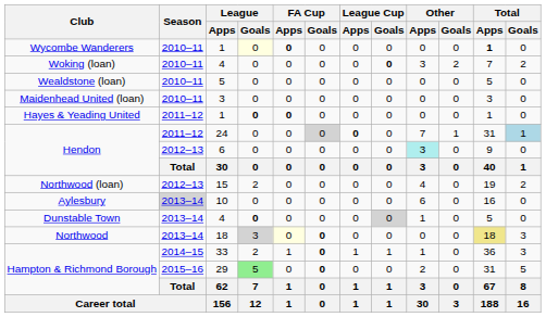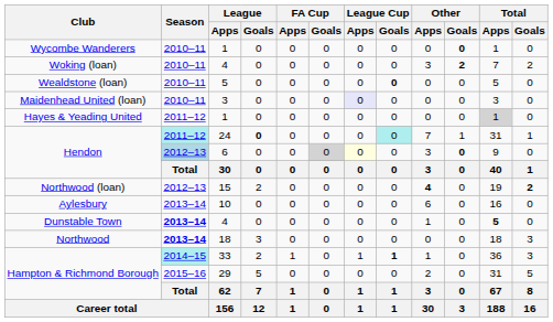 <table class="wikitable" style="text-align: center;">
 <tr>
 <th rowspan="2">Club</th>
 <th rowspan="2">Season</th>
 <th colspan="2">League</th>
 <th colspan="2">FA Cup</th>
 <th colspan="2">League Cup</th>
 <th colspan="2">Other</th>
 <th colspan="2">Total</th>
 </tr>
 <tr>
 <th>Apps</th>
 <th>Goals</th>
 <th>Apps</th>
 <th>Goals</th>
 <th>Apps</th>
 <th>Goals</th>
 <th>Apps</th>
 <th>Goals</th>
 <th>Apps</th>
 <th>Goals</th>
 </tr>
 <tr>
 <td><a href='#'>Wycombe Wanderers</a></td>
 <td><a href='#'>2010–11</a></td>
 <td>1</td>
-<td style="background: lightyellow;">0</td>
-<td><strong>0</strong></td>
 <td>0</td>
 <td>0</td>
 <td>0</td>
 <td>0</td>
 <td>0</td>
-<td><strong>1</strong></td>
+<td>0</td>
+<td><strong>0</strong></td>
+<td>1</td>
 <td>0</td>
 </tr>
 <tr>
 <td><a href='#'>Woking</a> (loan)</td>
 <td><a href='#'>2010–11</a></td>
 <td>4</td>
 <td>0</td>
 <td>0</td>
 <td>0</td>
 <td>0</td>
-<td><strong>0</strong></td>
+<td>0</td>
 <td>3</td>
-<td>2</td>
+<td><strong>2</strong></td>
 <td>7</td>
 <td>2</td>
 </tr>
 <tr>
 <td><a href='#'>Wealdstone</a> (loan)</td>
 <td><a href='#'>2010–11</a></td>
 <td>5</td>
 <td>0</td>
 <td>0</td>
 <td>0</td>
 <td>0</td>
-<td>0</td>
+<td><strong>0</strong></td>
 <td>0</td>
 <td>0</td>
 <td>5</td>
 <td>0</td>
 </tr>
 <tr>
 <td><a href='#'>Maidenhead United</a> (loan)</td>
 <td><a href='#'>2010–11</a></td>
 <td>3</td>
 <td>0</td>
 <td>0</td>
 <td>0</td>
-<td>0</td>
+<td style="background: lavender;">0</td>
 <td>0</td>
 <td>0</td>
 <td>0</td>
 <td>3</td>
 <td>0</td>
 </tr>
 <tr>
 <td><a href='#'>Hayes & Yeading United</a></td>
 <td><a href='#'>2011–12</a></td>
 <td>1</td>
-<td><strong>0</strong></td>
-<td><strong>0</strong></td>
 <td>0</td>
 <td>0</td>
 <td>0</td>
 <td>0</td>
 <td>0</td>
-<td>1</td>
+<td>0</td>
+<td>0</td>
+<td style="background: lightgrey;">1</td>
 <td>0</td>
 </tr>
 <tr>
 <td rowspan="3"><a href='#'>Hendon</a></td>
-<td><a href='#'>2011–12</a></td>
+<td style="background: paleturquoise;"><a href='#'>2011–12</a></td>
 <td>24</td>
+<td><strong>0</strong></td>
+<td>0</td>
+<td>0</td>
+<td>0</td>
+<td style="background: paleturquoise;">0</td>
+<td>7</td>
+<td>1</td>
+<td>31</td>
+<td>1</td>
+</tr>
+<tr>
+<td style="background: lightblue;"><a href='#'>2012–13</a></td>
+<td>6</td>
 <td>0</td>
 <td>0</td>
 <td style="background: lightgrey;">0</td>
+<td style="background: lightyellow;">0</td>
+<td>0</td>
+<td>3</td>
 <td><strong>0</strong></td>
-<td>0</td>
-<td>7</td>
-<td>1</td>
-<td>31</td>
-<td style="background: lightblue;">1</td>
-</tr>
-<tr>
-<td><a href='#'>2012–13</a></td>
-<td>6</td>
-<td>0</td>
-<td>0</td>
-<td>0</td>
-<td>0</td>
-<td>0</td>
-<td style="background: paleturquoise;">3</td>
-<td>0</td>
 <td>9</td>
 <td>0</td>
 </tr>
 <tr>
 <th>Total</th>
 <th>30</th>
 <th>0</th>
 <th>0</th>
 <th>0</th>
 <th>0</th>
 <th>0</th>
 <th>3</th>
 <th>0</th>
 <th>40</th>
 <th>1</th>
 </tr>
 <tr>
 <td><a href='#'>Northwood</a> (loan)</td>
 <td><a href='#'>2012–13</a></td>
 <td>15</td>
 <td>2</td>
 <td>0</td>
 <td>0</td>
 <td>0</td>
 <td>0</td>
-<td>4</td>
+<td><strong>4</strong></td>
 <td>0</td>
 <td>19</td>
-<td>2</td>
+<td><strong>2</strong></td>
 </tr>
 <tr>
 <td><a href='#'>Aylesbury</a></td>
-<td style="background: lightgrey;"><a href='#'>2013–14</a></td>
+<td><a href='#'>2013–14</a></td>
 <td>10</td>
 <td>0</td>
 <td>0</td>
 <td>0</td>
 <td>0</td>
 <td>0</td>
 <td>6</td>
 <td>0</td>
 <td>16</td>
 <td>0</td>
 </tr>
 <tr>
 <td><a href='#'>Dunstable Town</a></td>
-<td><a href='#'>2013–14</a></td>
+<td><strong><a href='#'>2013–14</a></strong></td>
 <td>4</td>
-<td><strong>0</strong></td>
 <td>0</td>
 <td>0</td>
 <td>0</td>
-<td style="background: lightgrey;">0</td>
+<td>0</td>
+<td>0</td>
 <td>1</td>
 <td>0</td>
-<td>5</td>
+<td><strong>5</strong></td>
 <td>0</td>
 </tr>
 <tr>
 <td><a href='#'>Northwood</a></td>
-<td><a href='#'>2013–14</a></td>
+<td><strong><a href='#'>2013–14</a></strong></td>
 <td>18</td>
-<td style="background: lightgrey;">3</td>
-<td style="background: lightyellow;">0</td>
-<td><strong>0</strong></td>
+<td>3</td>
 <td>0</td>
 <td>0</td>
 <td>0</td>
 <td>0</td>
-<td style="background: khaki;">18</td>
+<td>0</td>
+<td>0</td>
+<td>18</td>
 <td>3</td>
 </tr>
 <tr>
 <td rowspan="3"><a href='#'>Hampton & Richmond Borough</a></td>
-<td><a href='#'>2014–15</a></td>
+<td style="background: paleturquoise;"><a href='#'>2014–15</a></td>
 <td>33</td>
 <td>2</td>
 <td>1</td>
-<td><strong>0</strong></td>
+<td>0</td>
 <td>1</td>
-<td>1</td>
+<td><strong>1</strong></td>
 <td>1</td>
 <td>0</td>
 <td>36</td>
 <td>3</td>
 </tr>
 <tr>
 <td><a href='#'>2015–16</a></td>
 <td>29</td>
-<td style="background: lightgreen;">5</td>
+<td>5</td>
 <td>0</td>
-<td><strong>0</strong></td>
+<td>0</td>
 <td>0</td>
 <td>0</td>
 <td>2</td>
 <td>0</td>
 <td>31</td>
 <td>5</td>
 </tr>
 <tr>
 <th>Total</th>
 <th>62</th>
 <th>7</th>
 <th>1</th>
 <th>0</th>
 <th>1</th>
 <th>1</th>
 <th>3</th>
 <th>0</th>
 <th>67</th>
 <th>8</th>
 </tr>
 <tr>
 <th colspan="2">Career total</th>
 <th>156</th>
 <th>12</th>
 <th>1</th>
 <th>0</th>
 <th>1</th>
 <th>1</th>
 <th>30</th>
 <th>3</th>
 <th>188</th>
 <th>16</th>
 </tr>
 </table>
